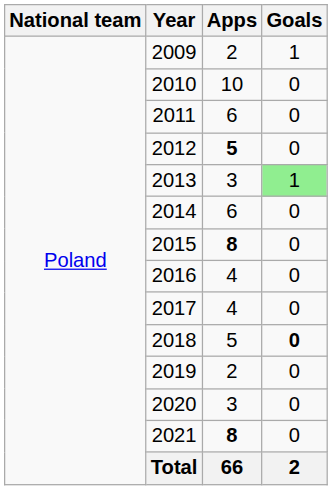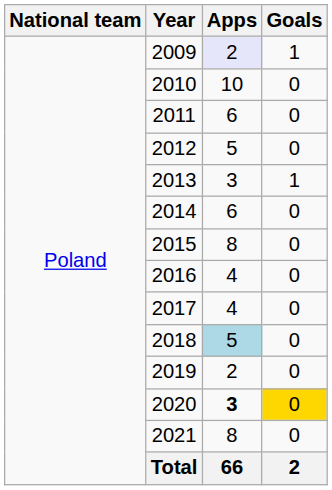 <table class="wikitable" style="text-align:center">
 <tr>
 <th>National team</th>
 <th>Year</th>
 <th>Apps</th>
 <th>Goals</th>
 </tr>
 <tr>
 <td rowspan="14"><a href='#'>Poland</a></td>
 <td>2009</td>
-<td>2</td>
+<td style="background: lavender;">2</td>
 <td>1</td>
 </tr>
 <tr>
 <td>2010</td>
 <td>10</td>
 <td>0</td>
 </tr>
 <tr>
 <td>2011</td>
 <td>6</td>
 <td>0</td>
 </tr>
 <tr>
 <td>2012</td>
-<td><strong>5</strong></td>
+<td>5</td>
 <td>0</td>
 </tr>
 <tr>
 <td>2013</td>
 <td>3</td>
-<td style="background: lightgreen;">1</td>
+<td>1</td>
 </tr>
 <tr>
 <td>2014</td>
 <td>6</td>
 <td>0</td>
 </tr>
 <tr>
 <td>2015</td>
-<td><strong>8</strong></td>
+<td>8</td>
 <td>0</td>
 </tr>
 <tr>
 <td>2016</td>
 <td>4</td>
 <td>0</td>
 </tr>
 <tr>
 <td>2017</td>
 <td>4</td>
 <td>0</td>
 </tr>
 <tr>
 <td>2018</td>
-<td>5</td>
-<td><strong>0</strong></td>
+<td style="background: lightblue;">5</td>
+<td>0</td>
 </tr>
 <tr>
 <td>2019</td>
 <td>2</td>
 <td>0</td>
 </tr>
 <tr>
 <td>2020</td>
-<td>3</td>
-<td>0</td>
+<td><strong>3</strong></td>
+<td style="background: gold;">0</td>
 </tr>
 <tr>
 <td>2021</td>
-<td><strong>8</strong></td>
+<td>8</td>
 <td>0</td>
 </tr>
 <tr>
 <th>Total</th>
 <th>66</th>
 <th>2</th>
 </tr>
 </table>
